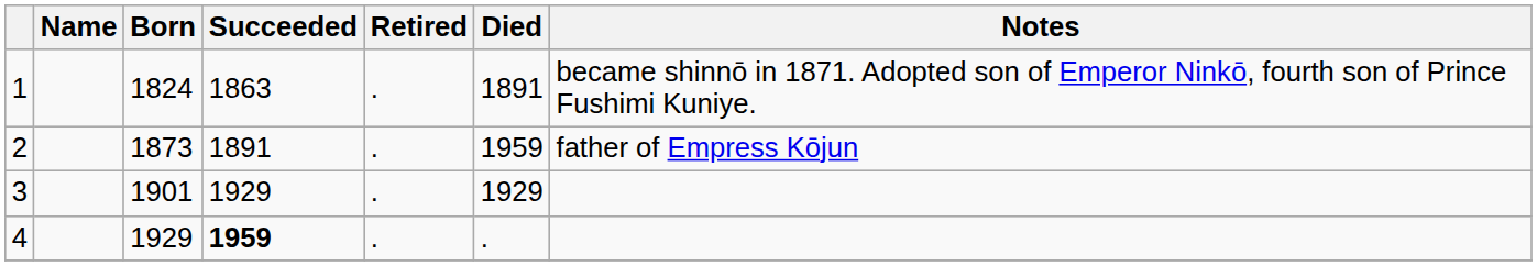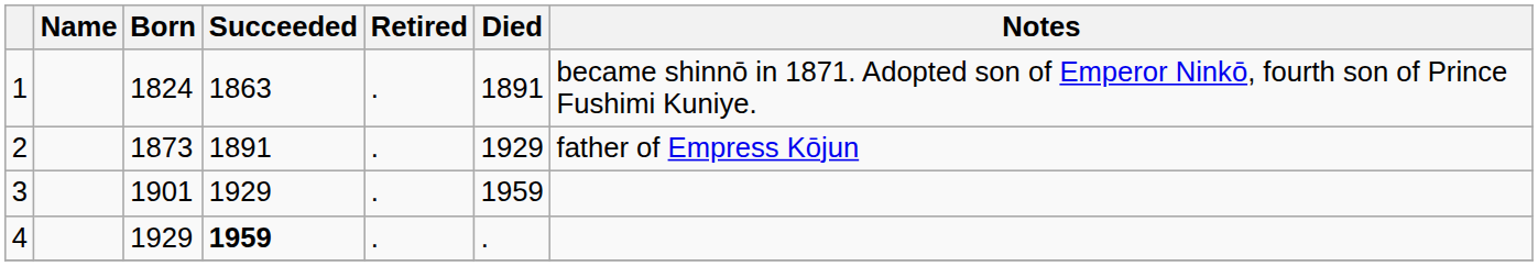 <table class=wikitable>
 <tr>
 <th></th>
 <th>Name</th>
 <th>Born</th>
 <th>Succeeded</th>
 <th>Retired</th>
 <th>Died</th>
 <th>Notes</th>
 </tr>
 <tr>
 <td>1</td>
 <td></td>
 <td>1824</td>
 <td>1863</td>
 <td>.</td>
 <td>1891</td>
 <td>became shinnō in 1871. Adopted son of <a href='#'>Emperor Ninkō</a>, fourth son of Prince Fushimi Kuniye.</td>
 </tr>
 <tr>
 <td>2</td>
 <td></td>
 <td>1873</td>
 <td>1891</td>
 <td>.</td>
-<td>1959</td>
+<td>1929</td>
 <td>father of <a href='#'>Empress Kōjun</a></td>
 </tr>
 <tr>
 <td>3</td>
 <td></td>
 <td>1901</td>
 <td>1929</td>
 <td>.</td>
-<td>1929</td>
+<td>1959</td>
 <td></td>
 </tr>
 <tr>
 <td>4</td>
 <td></td>
 <td>1929</td>
 <td><strong>1959</strong></td>
 <td>.</td>
 <td>.</td>
 <td></td>
 </tr>
 <tr>
 </tr>
 </table>
